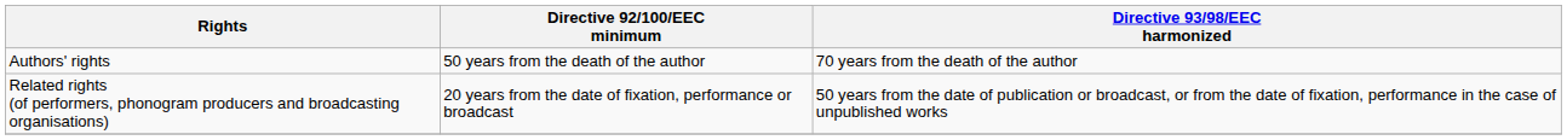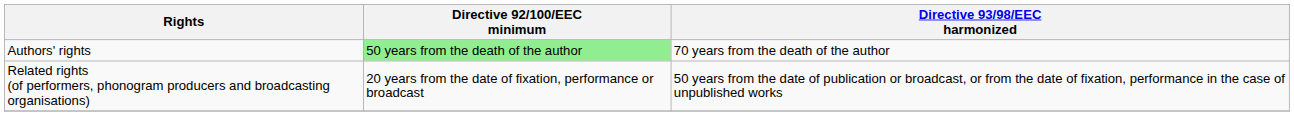 <table class="wikitable">
 <tr>
 <th>Rights</th>
 <th>Directive 92/100/EEC<br>minimum</th>
 <th><a href='#'>Directive 93/98/EEC</a><br>harmonized</th>
 </tr>
 <tr>
 <td>Authors' rights</td>
-<td>50 years from the death of the author</td>
+<td style="background: lightgreen;">50 years from the death of the author</td>
 <td>70 years from the death of the author</td>
 </tr>
 <tr>
 <td>Related rights<br>(of performers, phonogram producers and broadcasting organisations)</td>
 <td>20 years from the date of fixation, performance or broadcast</td>
 <td>50 years from the date of publication or broadcast, or from the date of fixation, performance in the case of unpublished works</td>
 </tr>
 <tr>
 </tr>
 </table>
